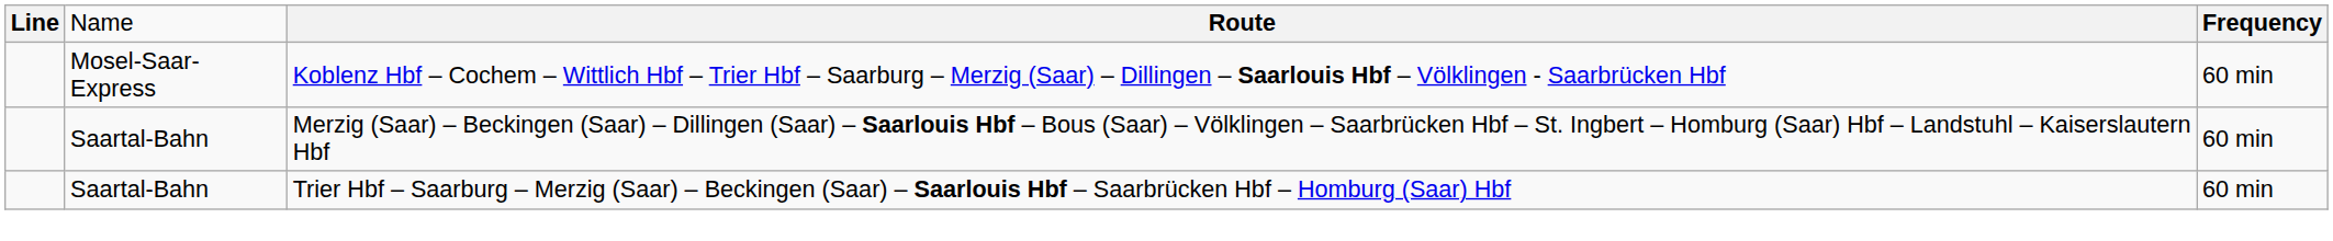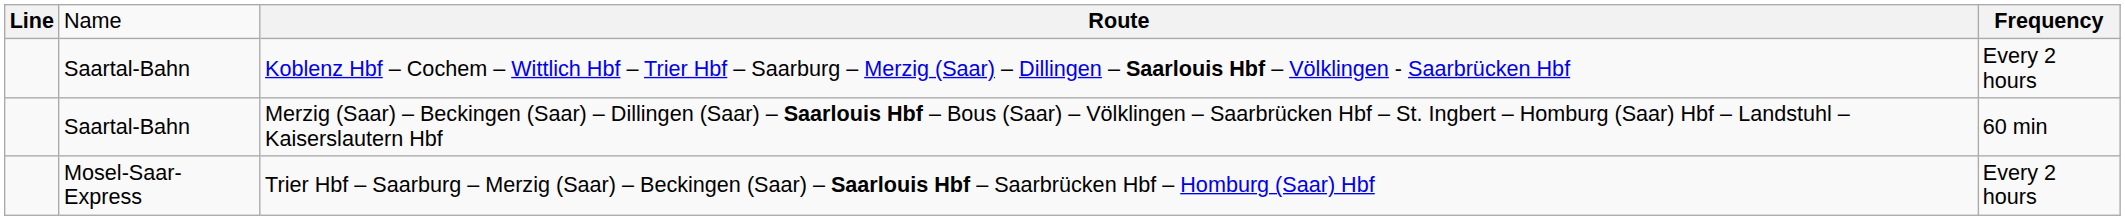 <table class="wikitable">
 <tr>
 <th>Line</th>
 <td>Name</td>
 <th>Route</th>
 <th>Frequency</th>
 </tr>
 <tr>
 <td></td>
-<td>Mosel-Saar-Express</td>
+<td>Saartal-Bahn</td>
 <td><a href='#'>Koblenz Hbf</a> – Cochem – <a href='#'>Wittlich Hbf</a> – <a href='#'>Trier Hbf</a> – Saarburg – <a href='#'>Merzig (Saar)</a> – <a href='#'>Dillingen</a> – <strong>Saarlouis Hbf</strong> – <a href='#'>Völklingen</a> - <a href='#'>Saarbrücken Hbf</a></td>
-<td>60 min</td>
+<td>Every 2 hours</td>
 </tr>
 <tr>
 <td></td>
 <td>Saartal-Bahn</td>
 <td>Merzig (Saar) – Beckingen (Saar) – Dillingen (Saar) – <strong>Saarlouis Hbf</strong> – Bous (Saar) – Völklingen – Saarbrücken Hbf – St. Ingbert – Homburg (Saar) Hbf – Landstuhl – Kaiserslautern Hbf</td>
 <td>60 min</td>
 </tr>
 <tr>
 <td></td>
-<td>Saartal-Bahn</td>
+<td>Mosel-Saar-Express</td>
 <td>Trier Hbf – Saarburg – Merzig (Saar) – Beckingen (Saar) – <strong>Saarlouis Hbf</strong> – Saarbrücken Hbf – <a href='#'>Homburg (Saar) Hbf</a></td>
-<td>60 min</td>
+<td>Every 2 hours</td>
 </tr>
 </table>
